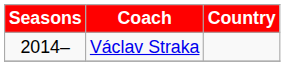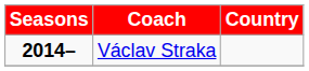 <table class="wikitable" style="text-align: center;">
 <tr>
 <th style="color:#FFFFFF; background:#FF0000">Seasons</th>
 <th style="color:#FFFFFF; background:#FF0000">Coach</th>
 <th style="color:#FFFFFF; background:#FF0000">Country</th>
 </tr>
 <tr>
-<td style="text-align: center">2014–</td>
+<td style="text-align: center"><strong>2014–</strong></td>
 <td style="text-align: center"><a href='#'>Václav Straka</a></td>
 <td style="text-align: center"></td>
 </tr>
 <tr>
 </tr>
 </table>
